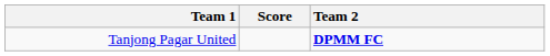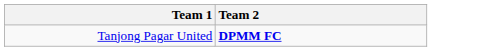 <table class="wikitable" style="align:center">
 <tr>
 <th width=250 style="text-align:right">Team 1</th>
-<th width=70 style="text-align:center">Score</th>
 <th width=250 style="text-align:left">Team 2</th>
 </tr>
 <tr>
 <td align="right"><a href='#'>Tanjong Pagar United</a></td>
-<td align="center"><span><strong></strong></span></td>
 <td><strong> <a href='#'>DPMM FC</a></strong></td>
 </tr>
 </table>
